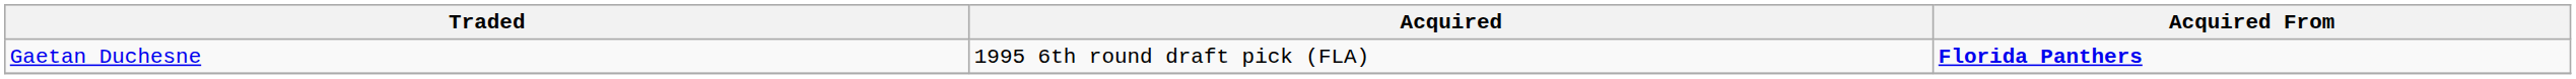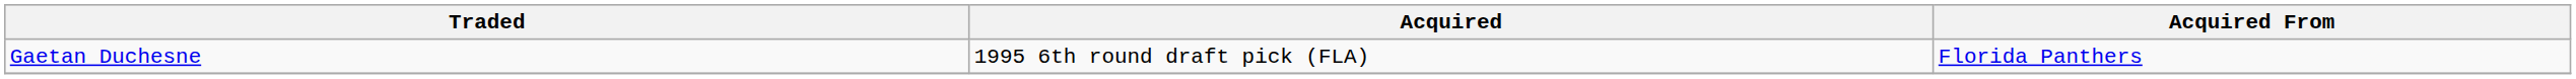 <table class="wikitable">
 <tr>
 <th bgcolor="#DDDDFF" width="8.25%">Traded</th>
 <th bgcolor="#DDDDFF" width="8.25%">Acquired</th>
 <th bgcolor="#DDDDFF" width="5.45%">Acquired From</th>
 </tr>
 <tr>
 <td><a href='#'>Gaetan Duchesne</a></td>
 <td>1995 6th round draft pick (FLA)</td>
-<td><strong><a href='#'>Florida Panthers</a></strong></td>
+<td><a href='#'>Florida Panthers</a></td>
 </tr>
 <tr>
 </tr>
 </table>
